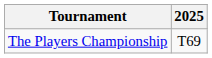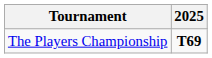 <table class="wikitable" style="font-size:95%;text-align:center;">
 <tr>
 <th>Tournament</th>
 <th>2025</th>
 </tr>
 <tr>
 <td align=left><a href='#'>The Players Championship</a></td>
-<td>T69</td>
+<td><strong>T69</strong></td>
 </tr>
 </table>
